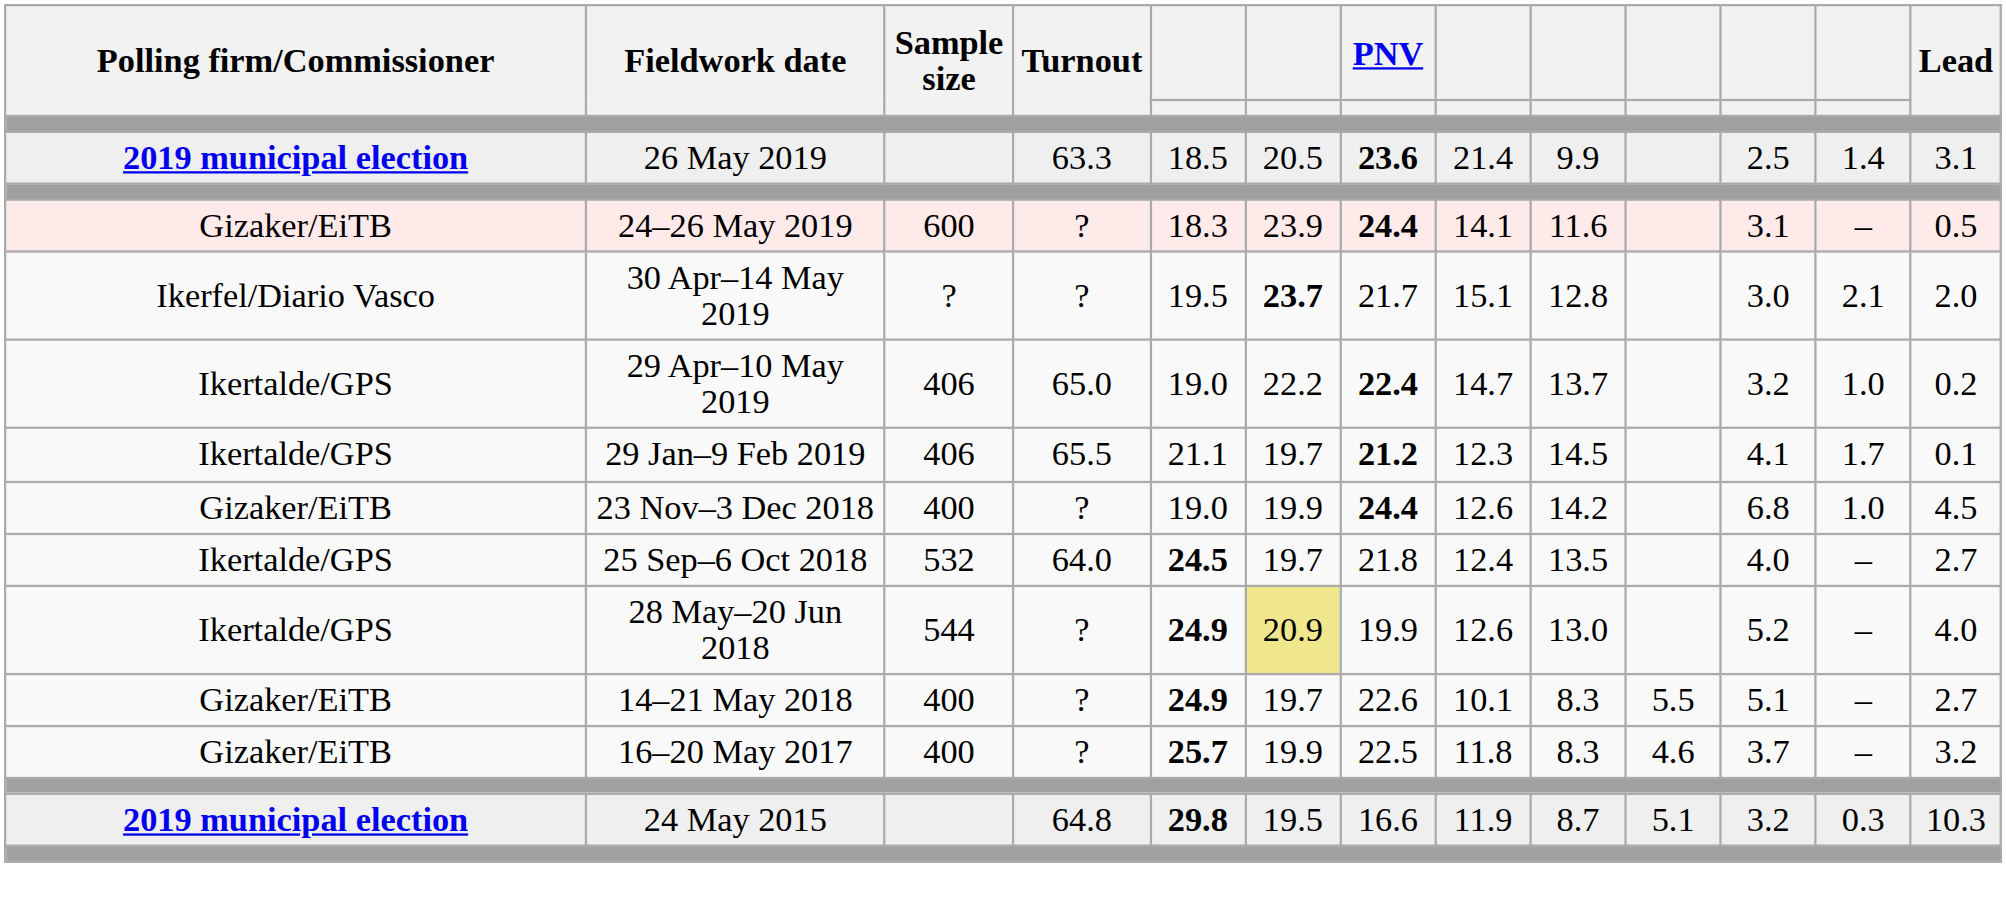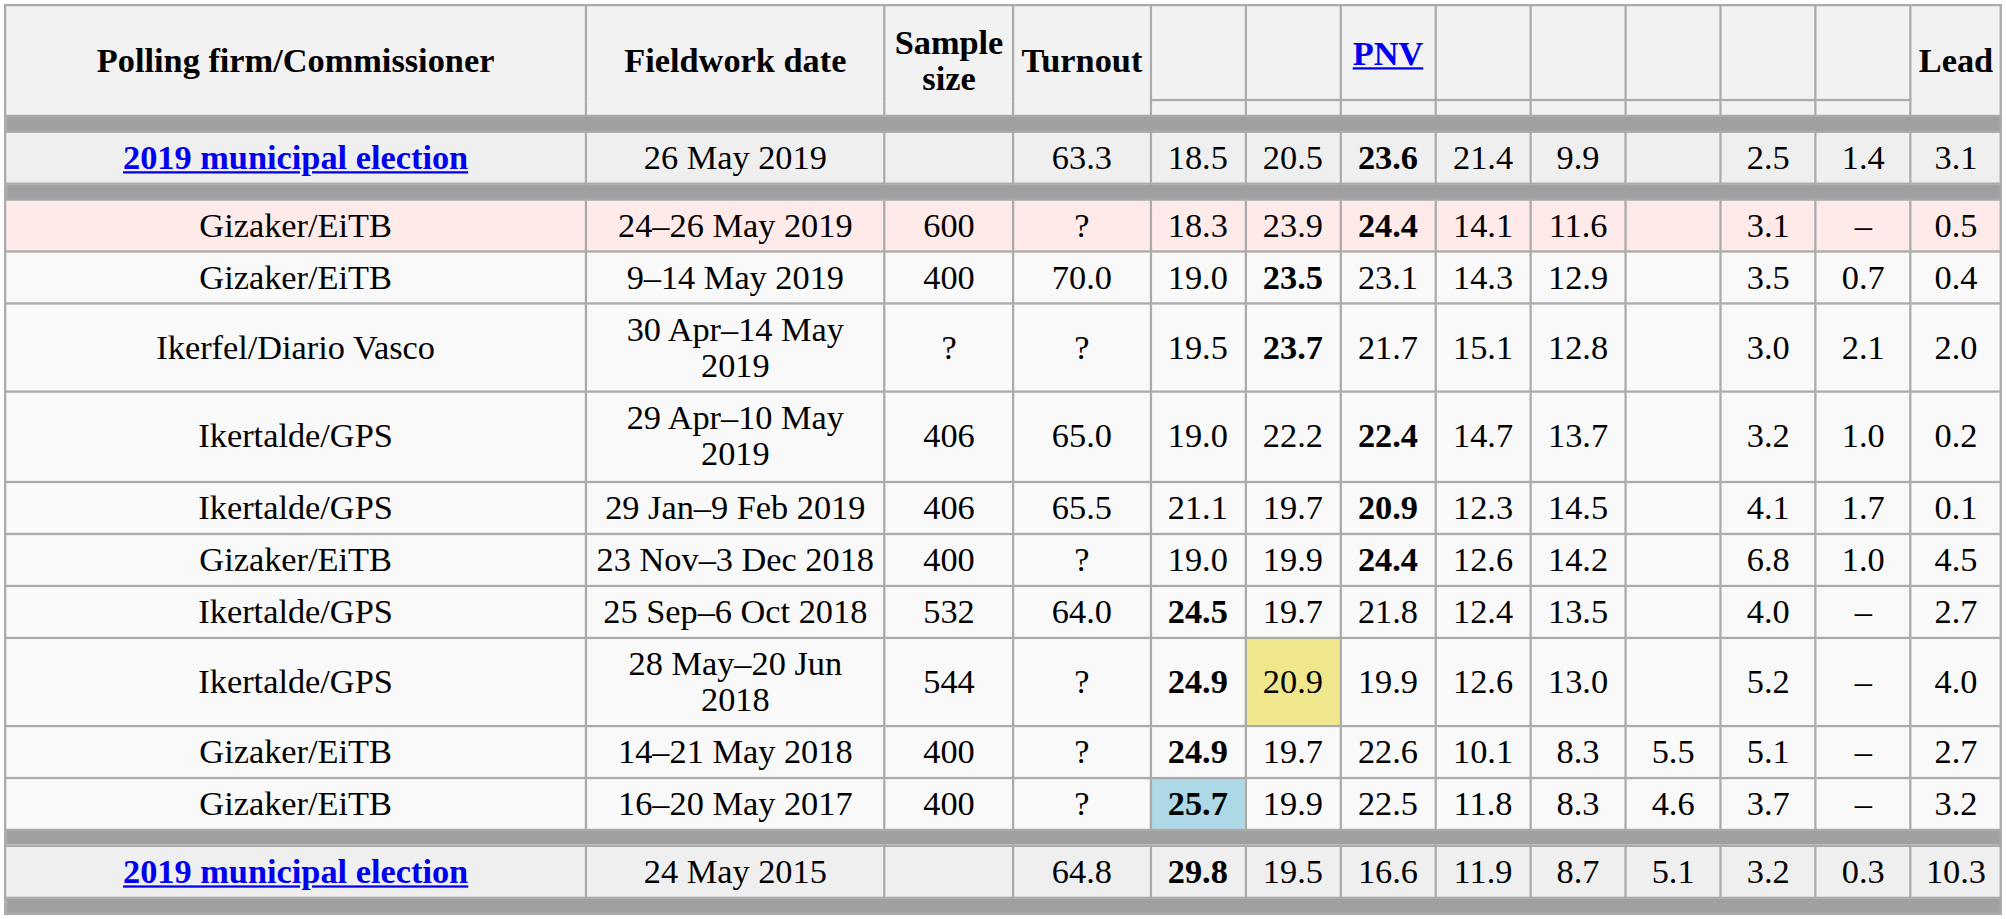 <table class="wikitable collapsible collapsed" style="text-align:center; font-size:95%; line-height:16px;">
 <tr style="height:42px;">
 <th style="width:250px;" rowspan="2">Polling firm/Commissioner</th>
 <th style="width:125px;" rowspan="2">Fieldwork date</th>
 <th style="width:50px;" rowspan="2">Sample size</th>
 <th style="width:45px;" rowspan="2">Turnout</th>
 <th style="width:35px;"></th>
 <th style="width:35px;"></th>
 <th style="width:35px;"><a href='#'>PNV</a></th>
 <th style="width:35px;"></th>
 <th style="width:35px;"></th>
 <th style="width:35px;"></th>
 <th style="width:35px;"></th>
 <th style="width:35px;"></th>
 <th style="width:30px;" rowspan="2">Lead</th>
 </tr>
 <tr>
 <th style="color:inherit;background:"></th>
 <th style="color:inherit;background:"></th>
 <th style="color:inherit;background:"></th>
 <th style="color:inherit;background:"></th>
 <th style="color:inherit;background:"></th>
 <th style="color:inherit;background:"></th>
 <th style="color:inherit;background:"></th>
 <th style="color:inherit;background:"></th>
 </tr>
 <tr>
 <td colspan="13" style="background:#A0A0A0"></td>
 </tr>
 <tr style="background:#EFEFEF;">
 <td><strong><a href='#'>2019 municipal election</a></strong></td>
 <td>26 May 2019</td>
 <td></td>
 <td>63.3</td>
 <td>18.5<br></td>
 <td>20.5<br></td>
 <td><strong>23.6</strong><br></td>
 <td>21.4<br></td>
 <td>9.9<br></td>
 <td></td>
 <td>2.5<br></td>
 <td>1.4<br></td>
 <td style="background:">3.1</td>
 </tr>
 <tr>
 <td colspan="13" style="background:#A0A0A0"></td>
 </tr>
 <tr style="background:#FFEAEA;">
 <td>Gizaker/EiTB</td>
 <td>24–26 May 2019</td>
 <td>600</td>
 <td>?</td>
 <td>18.3<br></td>
 <td>23.9<br></td>
 <td><strong>24.4</strong><br></td>
 <td>14.1<br></td>
 <td>11.6<br></td>
 <td></td>
 <td>3.1<br></td>
 <td>–</td>
 <td style="background:">0.5</td>
 </tr>
 <tr>
+<td>Gizaker/EiTB</td>
+<td>9–14 May 2019</td>
+<td>400</td>
+<td>70.0</td>
+<td>19.0<br></td>
+<td><strong>23.5</strong><br></td>
+<td>23.1<br></td>
+<td>14.3<br></td>
+<td>12.9<br></td>
+<td></td>
+<td>3.5<br></td>
+<td>0.7<br></td>
+<td style="background:">0.4</td>
+</tr>
+<tr>
 <td>Ikerfel/Diario Vasco</td>
 <td>30 Apr–14 May 2019</td>
 <td>?</td>
 <td>?</td>
 <td>19.5<br></td>
 <td><strong>23.7</strong><br></td>
 <td>21.7<br></td>
 <td>15.1<br></td>
 <td>12.8<br></td>
 <td></td>
 <td>3.0<br></td>
 <td>2.1<br></td>
 <td style="background:">2.0</td>
 </tr>
 <tr>
 <td>Ikertalde/GPS</td>
 <td>29 Apr–10 May 2019</td>
 <td>406</td>
 <td>65.0</td>
 <td>19.0<br></td>
 <td>22.2<br></td>
 <td><strong>22.4</strong><br></td>
 <td>14.7<br></td>
 <td>13.7<br></td>
 <td></td>
 <td>3.2<br></td>
 <td>1.0<br></td>
 <td style="background:">0.2</td>
 </tr>
 <tr>
 <td>Ikertalde/GPS</td>
 <td>29 Jan–9 Feb 2019</td>
 <td>406</td>
 <td>65.5</td>
 <td>21.1<br></td>
 <td>19.7<br></td>
-<td><strong>21.2</strong><br></td>
+<td><strong>20.9</strong><br></td>
 <td>12.3<br></td>
 <td>14.5<br></td>
 <td></td>
 <td>4.1<br></td>
 <td>1.7<br></td>
 <td style="background:">0.1</td>
 </tr>
 <tr>
 <td>Gizaker/EiTB</td>
 <td>23 Nov–3 Dec 2018</td>
 <td>400</td>
 <td>?</td>
 <td>19.0<br></td>
 <td>19.9<br></td>
 <td><strong>24.4</strong><br></td>
 <td>12.6<br></td>
 <td>14.2<br></td>
 <td></td>
 <td>6.8<br></td>
 <td>1.0<br></td>
 <td style="background:">4.5</td>
 </tr>
 <tr>
 <td>Ikertalde/GPS</td>
 <td>25 Sep–6 Oct 2018</td>
 <td>532</td>
 <td>64.0</td>
 <td><strong>24.5</strong><br></td>
 <td>19.7<br></td>
 <td>21.8<br></td>
 <td>12.4<br></td>
 <td>13.5<br></td>
 <td></td>
 <td>4.0<br></td>
 <td>–</td>
 <td style="background:">2.7</td>
 </tr>
 <tr>
 <td>Ikertalde/GPS</td>
 <td>28 May–20 Jun 2018</td>
 <td>544</td>
 <td>?</td>
 <td><strong>24.9</strong><br></td>
 <td style="background: khaki;">20.9<br></td>
 <td>19.9<br></td>
 <td>12.6<br></td>
 <td>13.0<br></td>
 <td></td>
 <td>5.2<br></td>
 <td>–</td>
 <td style="background:">4.0</td>
 </tr>
 <tr>
 <td>Gizaker/EiTB</td>
 <td>14–21 May 2018</td>
 <td>400</td>
 <td>?</td>
 <td><strong>24.9</strong><br></td>
 <td>19.7<br></td>
 <td>22.6<br></td>
 <td>10.1<br></td>
 <td>8.3<br></td>
 <td>5.5<br></td>
 <td>5.1<br></td>
 <td>–</td>
 <td style="background:">2.7</td>
 </tr>
 <tr>
 <td>Gizaker/EiTB</td>
 <td>16–20 May 2017</td>
 <td>400</td>
 <td>?</td>
-<td><strong>25.7</strong><br></td>
+<td style="background: lightblue;"><strong>25.7</strong><br></td>
 <td>19.9<br></td>
 <td>22.5<br></td>
 <td>11.8<br></td>
 <td>8.3<br></td>
 <td>4.6<br></td>
 <td>3.7<br></td>
 <td>–</td>
 <td style="background:">3.2</td>
 </tr>
 <tr>
 <td colspan="13" style="background:#A0A0A0"></td>
 </tr>
 <tr style="background:#EFEFEF;">
 <td><strong><a href='#'>2019 municipal election</a></strong></td>
 <td>24 May 2015</td>
 <td></td>
 <td>64.8</td>
 <td><strong>29.8</strong><br></td>
 <td>19.5<br></td>
 <td>16.6<br></td>
 <td>11.9<br></td>
 <td>8.7<br></td>
 <td>5.1<br></td>
 <td>3.2<br></td>
 <td>0.3<br></td>
 <td style="background:">10.3</td>
 </tr>
 <tr>
 <td colspan="13" style="background:#A0A0A0"></td>
 </tr>
 </table>
